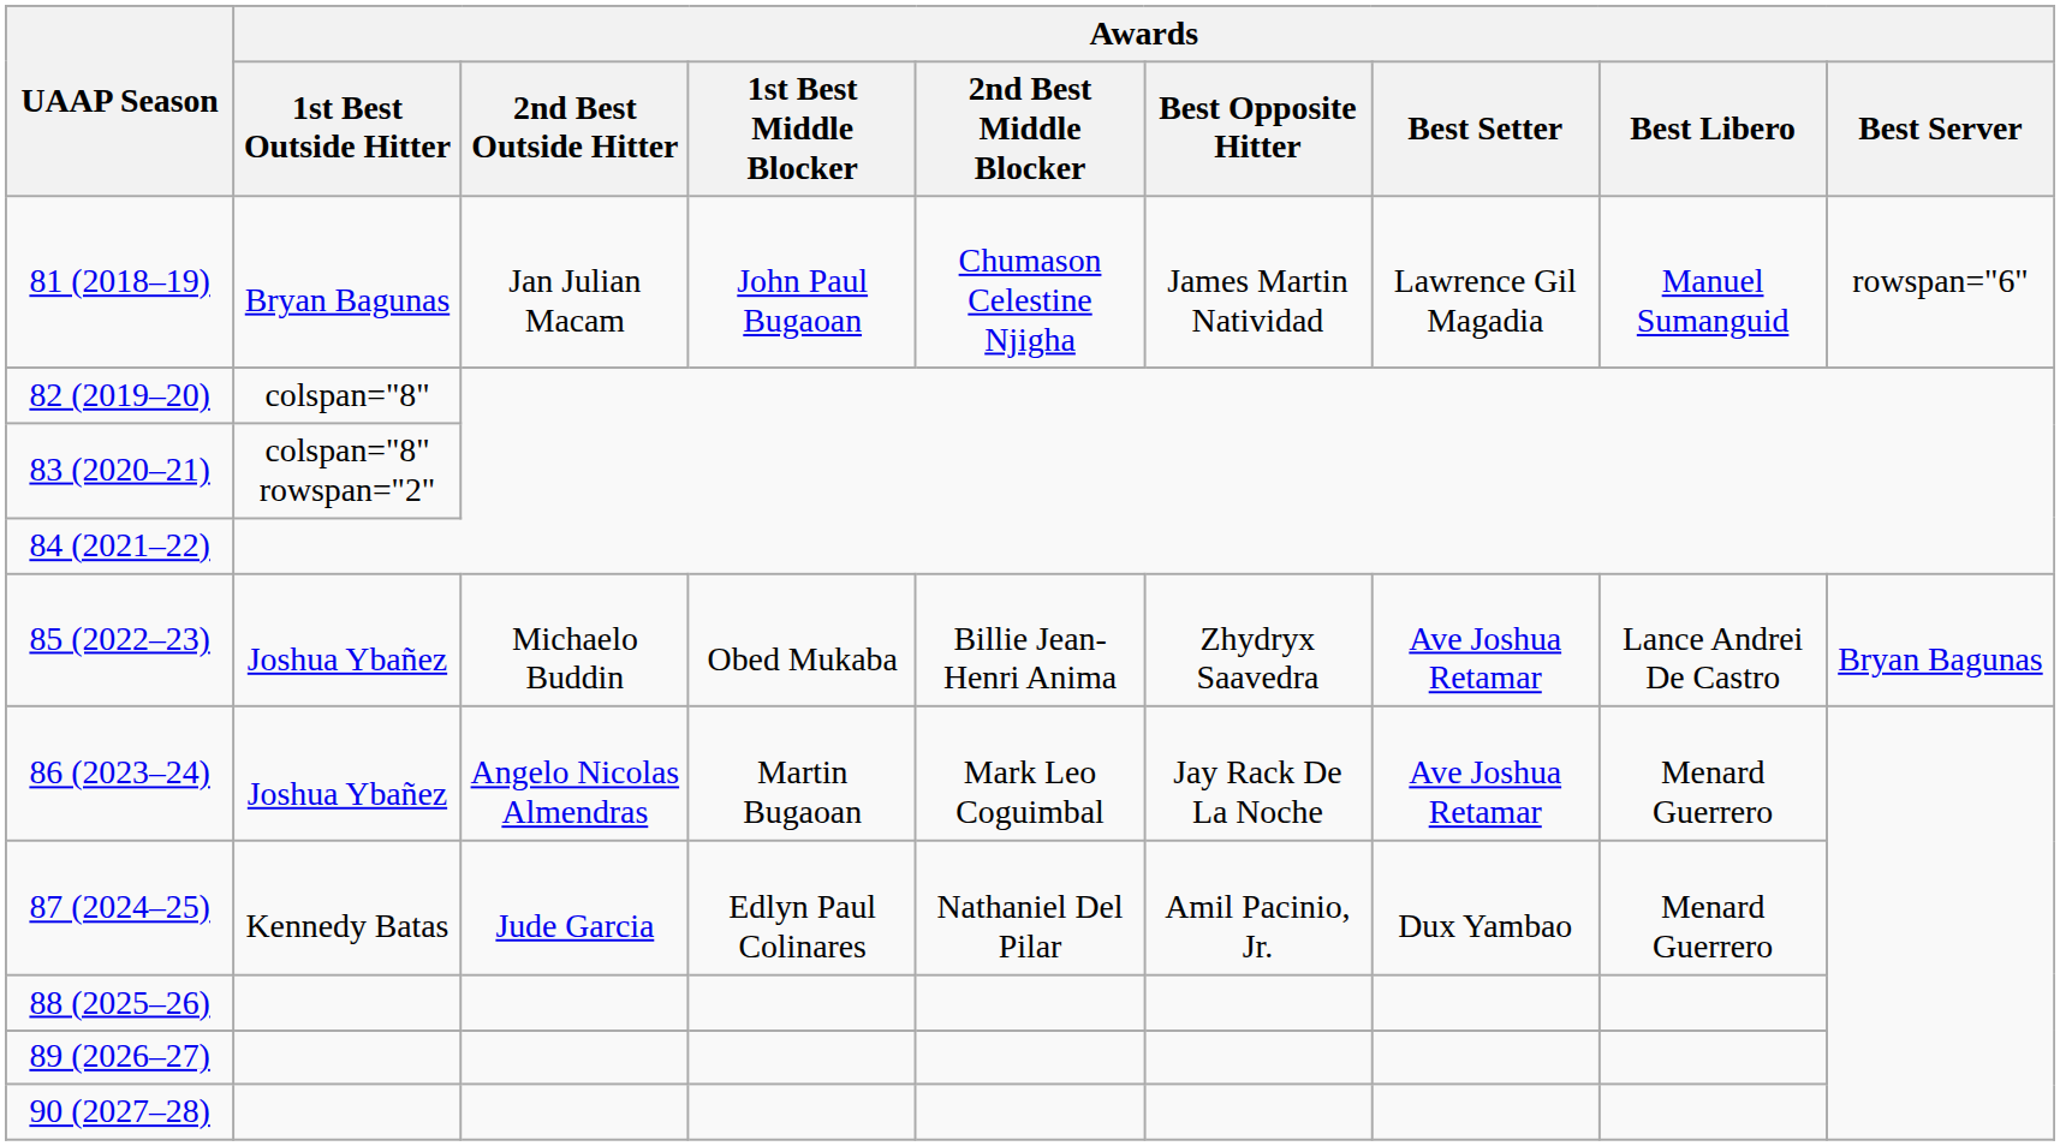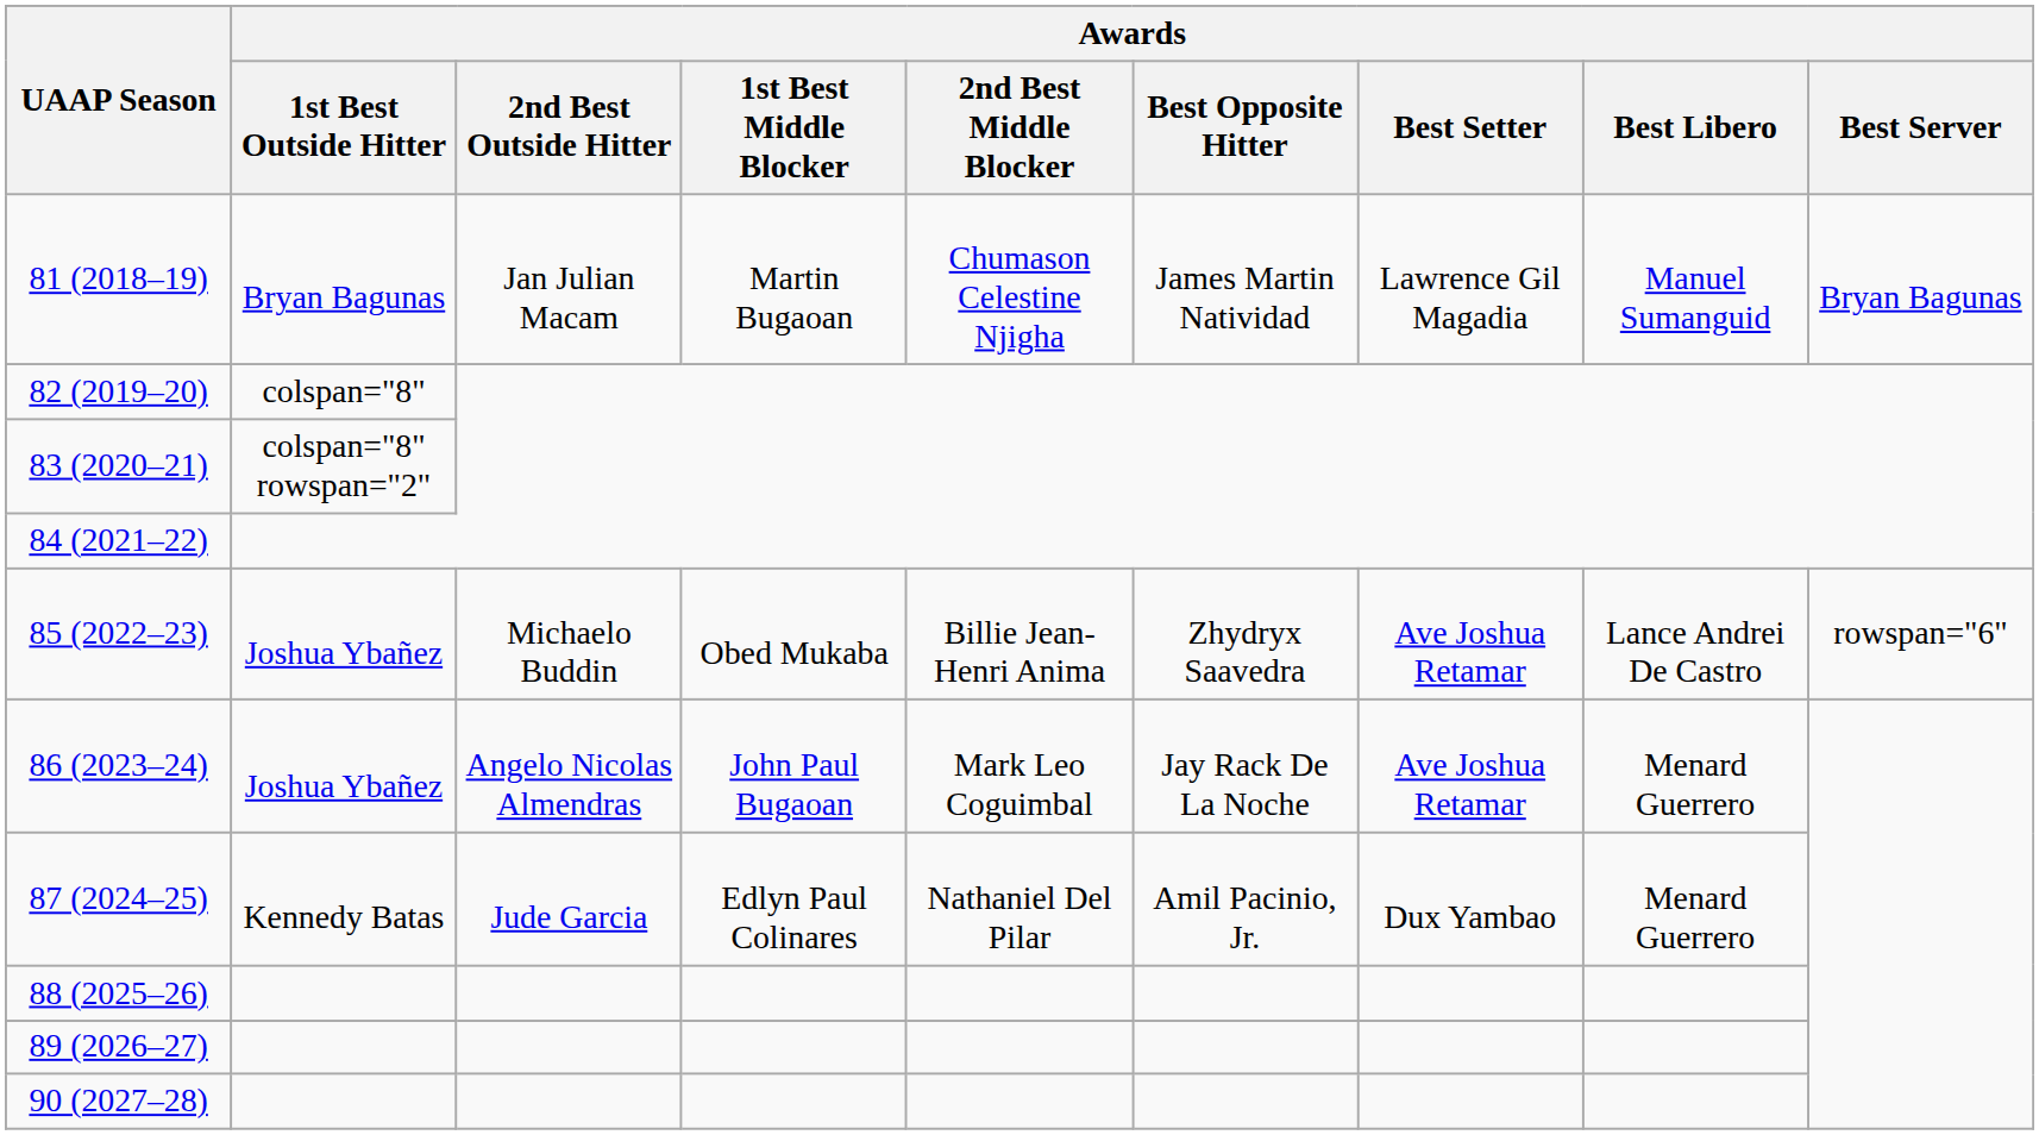 <table class="wikitable" width=100% style="font-size:90%; text-align:center;">
 <tr>
 <th width=10% rowspan=2>UAAP Season</th>
 <th colspan=8>Awards</th>
 </tr>
 <tr>
 <th width=10%>1st Best Outside Hitter</th>
 <th width=10%>2nd Best Outside Hitter</th>
 <th width=10%>1st Best Middle Blocker</th>
 <th width=10%>2nd Best Middle Blocker</th>
 <th width=10%>Best Opposite Hitter</th>
 <th width=10%>Best Setter</th>
 <th width=10%>Best Libero</th>
 <th width=10%>Best Server</th>
 </tr>
 <tr>
 <td><a href='#'>81 (2018–19)</a></td>
 <td><br><a href='#'>Bryan Bagunas</a></td>
 <td><br>Jan Julian Macam</td>
-<td><br><a href='#'>John Paul Bugaoan</a></td>
+<td><br>Martin Bugaoan</td>
 <td><br><a href='#'>Chumason Celestine Njigha</a></td>
 <td><br> James Martin Natividad</td>
 <td><br>Lawrence Gil Magadia</td>
 <td><br><a href='#'>Manuel Sumanguid</a></td>
-<td>rowspan="6" </td>
+<td><br><a href='#'>Bryan Bagunas</a></td>
 </tr>
 <tr>
 <td><a href='#'>82 (2019–20)</a></td>
 <td>colspan="8" </td>
 </tr>
 <tr>
 <td><a href='#'>83 (2020–21)</a></td>
 <td>colspan="8" rowspan="2" </td>
 </tr>
 <tr>
 <td><a href='#'>84 (2021–22)</a></td>
 </tr>
 <tr>
 <td><a href='#'>85 (2022–23)</a></td>
 <td><br><a href='#'>Joshua Ybañez</a></td>
 <td><br>Michaelo Buddin</td>
 <td><br>Obed Mukaba</td>
 <td><br>Billie Jean-Henri Anima</td>
 <td><br>Zhydryx Saavedra</td>
 <td><br><a href='#'>Ave Joshua Retamar</a></td>
 <td><br>Lance Andrei De Castro</td>
-<td><br><a href='#'>Bryan Bagunas</a></td>
+<td>rowspan="6" </td>
 </tr>
 <tr>
 <td><a href='#'>86 (2023–24)</a></td>
 <td><br><a href='#'>Joshua Ybañez</a></td>
 <td><br><a href='#'>Angelo Nicolas Almendras</a></td>
-<td><br>Martin Bugaoan</td>
+<td><br><a href='#'>John Paul Bugaoan</a></td>
 <td><br>Mark Leo Coguimbal</td>
 <td><br>Jay Rack De La Noche</td>
 <td><br><a href='#'>Ave Joshua Retamar</a></td>
 <td><br>Menard Guerrero</td>
 </tr>
 <tr>
 <td><a href='#'>87 (2024–25)</a></td>
 <td><br>Kennedy Batas</td>
 <td><br><a href='#'>Jude Garcia</a></td>
 <td><br>Edlyn Paul Colinares</td>
 <td><br>Nathaniel Del Pilar</td>
 <td><br>Amil Pacinio, Jr.</td>
 <td><br>Dux Yambao</td>
 <td><br>Menard Guerrero</td>
 </tr>
 <tr>
 <td><a href='#'>88 (2025–26)</a></td>
 <td></td>
 <td></td>
 <td></td>
 <td></td>
 <td></td>
 <td></td>
 <td></td>
 </tr>
 <tr>
 <td><a href='#'>89 (2026–27)</a></td>
 <td></td>
 <td></td>
 <td></td>
 <td></td>
 <td></td>
 <td></td>
 <td></td>
 </tr>
 <tr>
 <td><a href='#'>90 (2027–28)</a></td>
 <td></td>
 <td></td>
 <td></td>
 <td></td>
 <td></td>
 <td></td>
 <td></td>
 </tr>
 </table>
